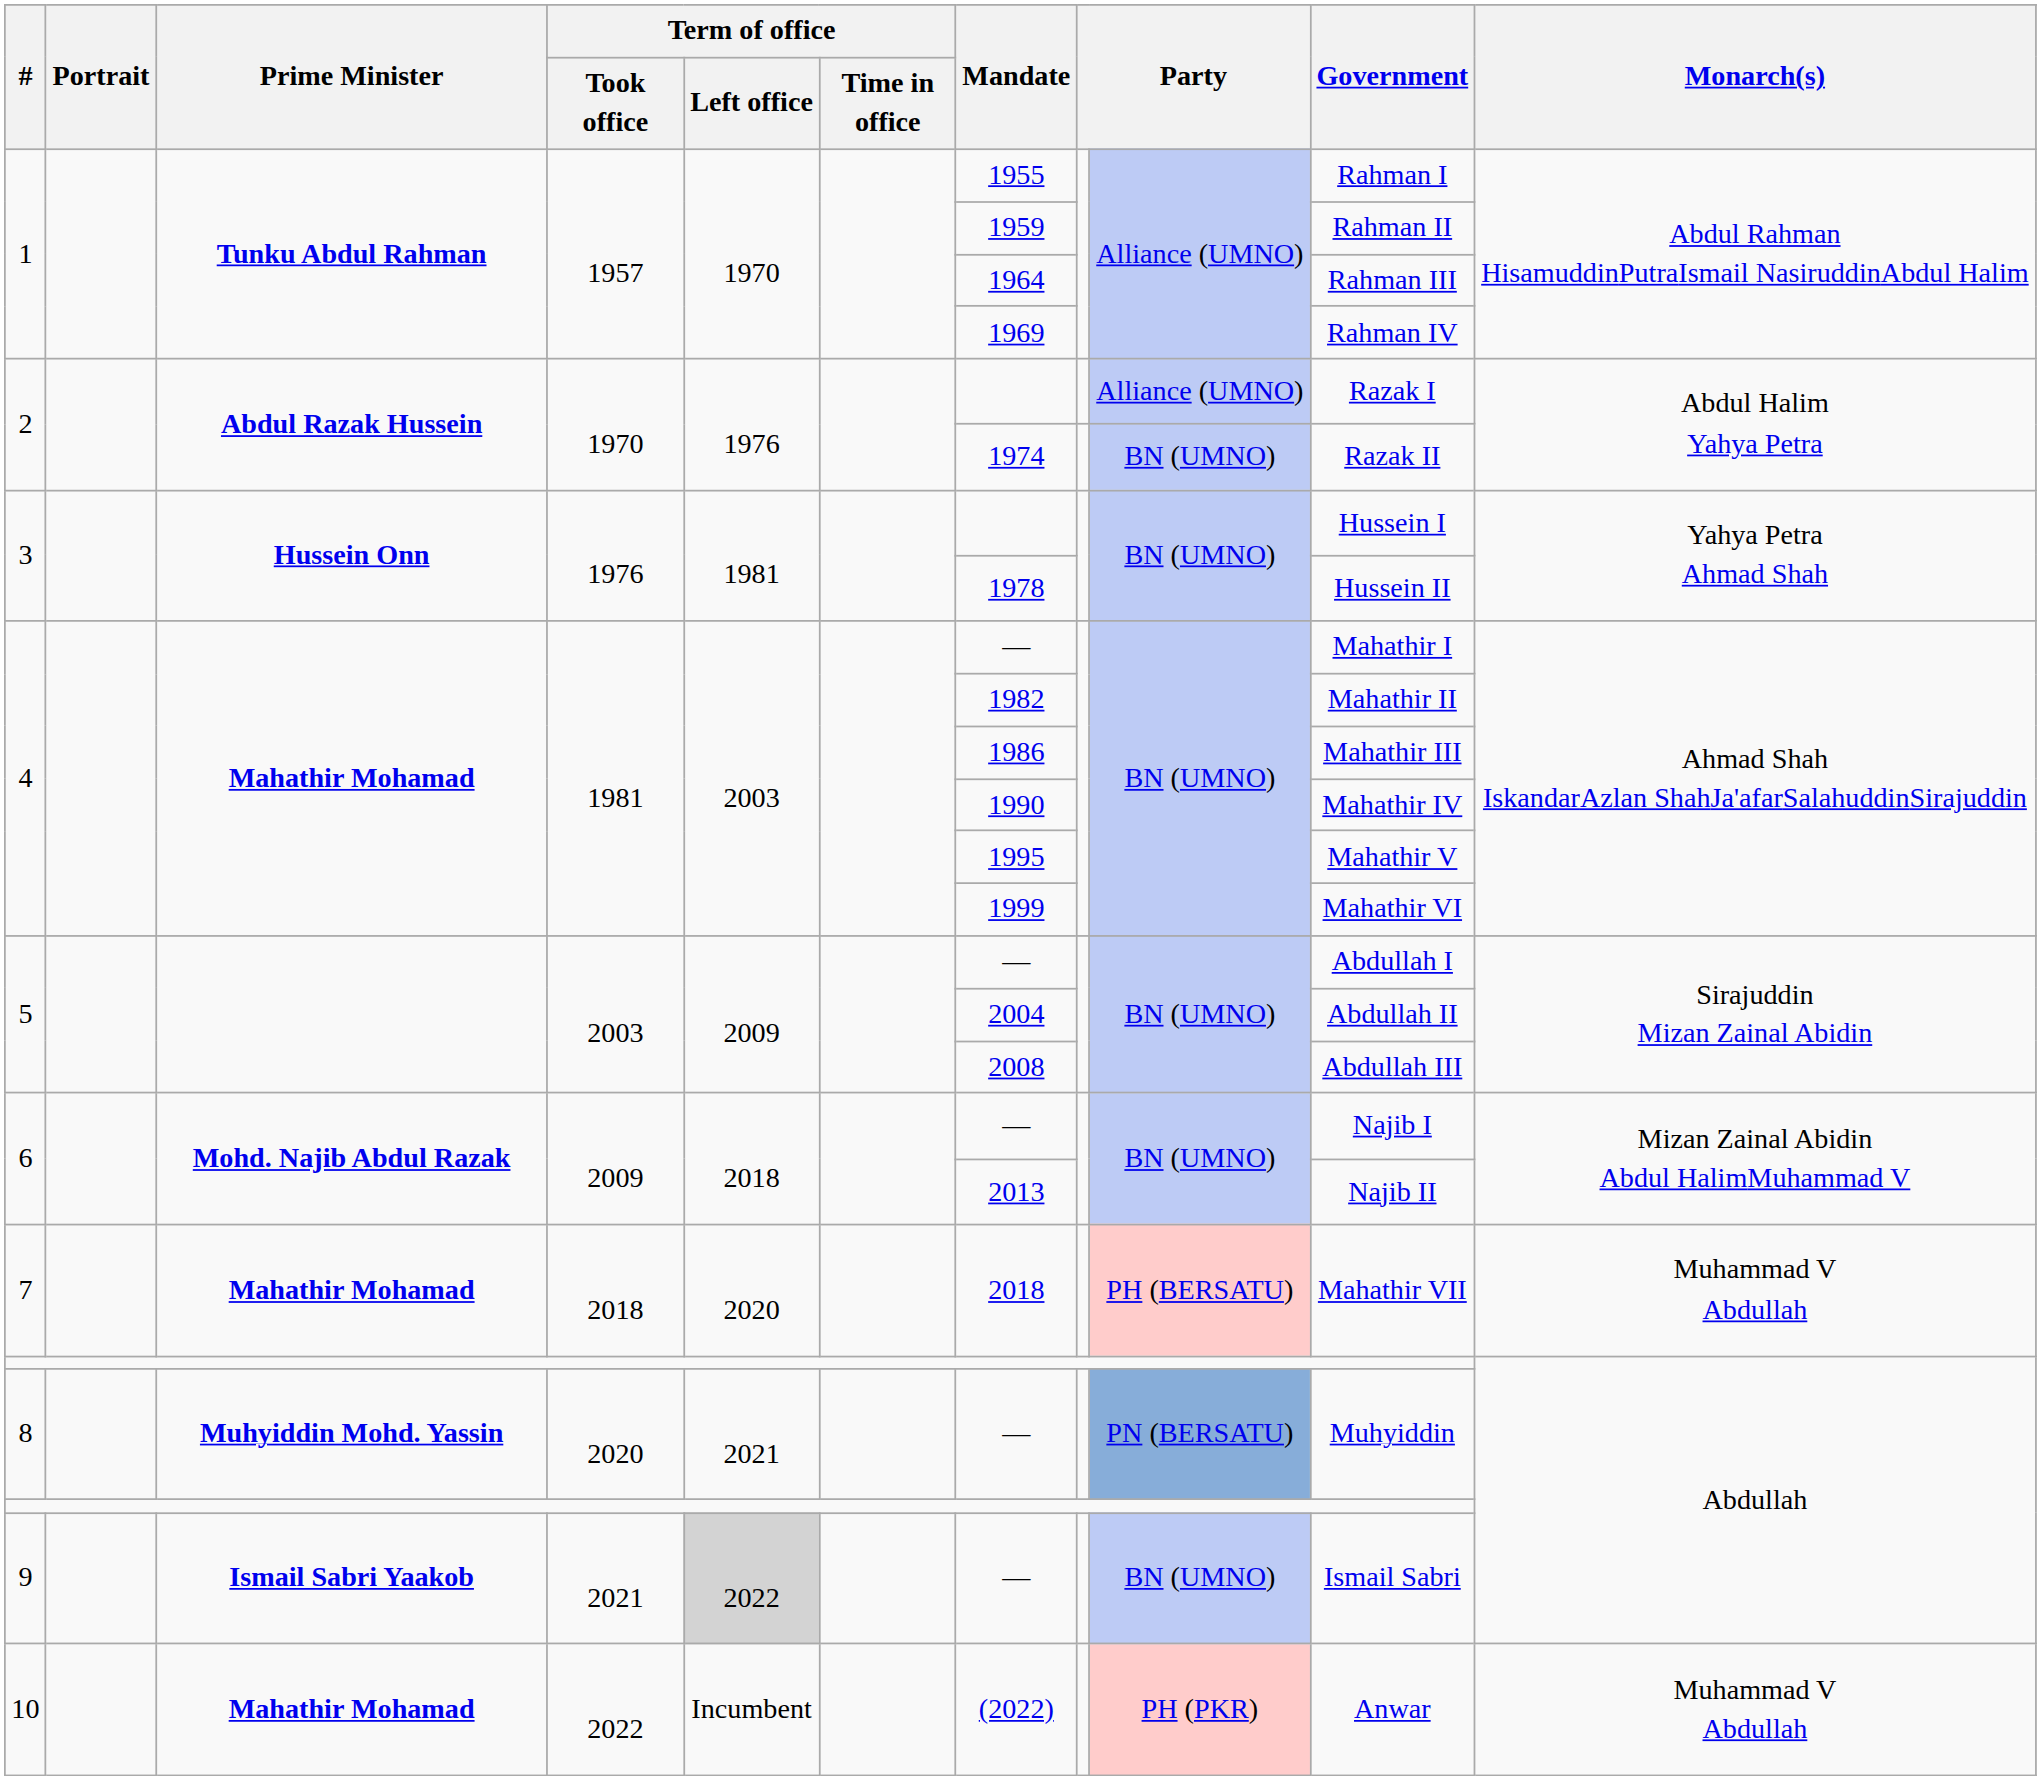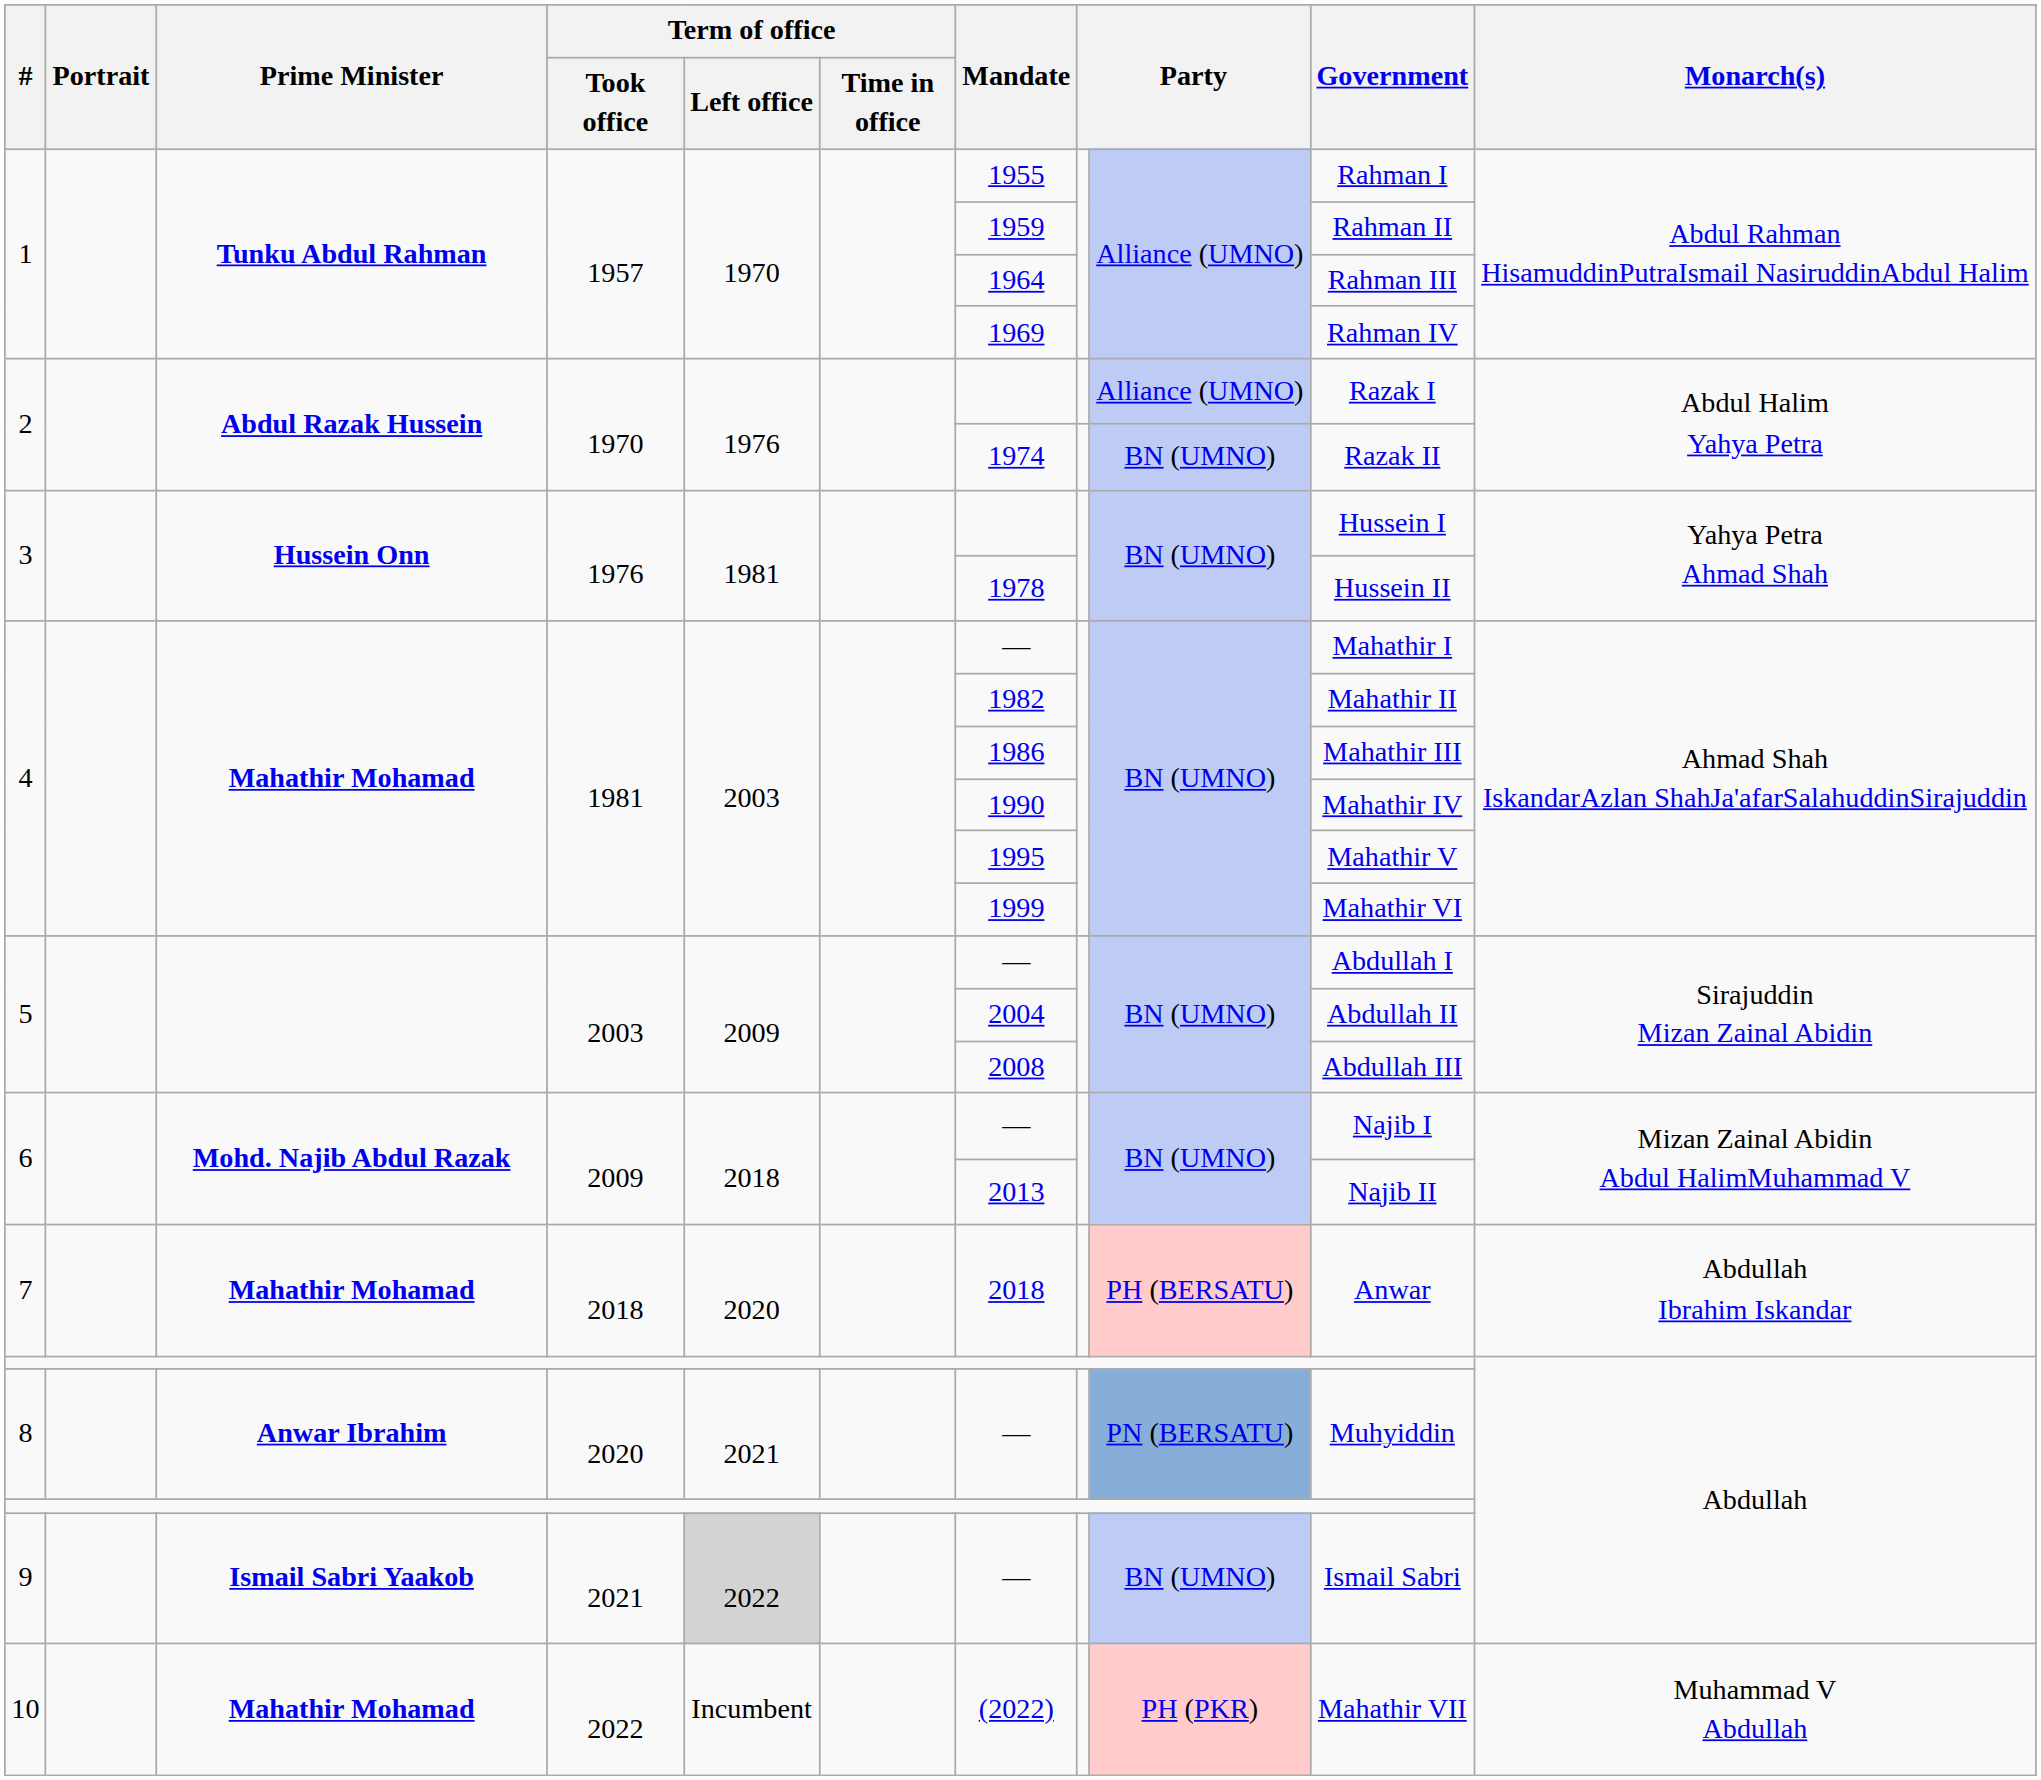 <table class="wikitable" style="line-height:1.4em; text-align:center">
 <tr>
 <th rowspan=2>#</th>
 <th rowspan=2>Portrait</th>
 <th rowspan=2 width="215">Prime Minister<br></th>
 <th colspan=3>Term of office</th>
 <th rowspan=2>Mandate</th>
 <th colspan=2 rowspan=2>Party</th>
 <th rowspan=2><a href='#'>Government</a></th>
 <th rowspan=2><a href='#'>Monarch(s)</a></th>
 </tr>
 <tr>
 <th style="width:70px;">Took office</th>
 <th style="width:70px;">Left office</th>
 <th style="width:70px;">Time in office</th>
 </tr>
 <tr>
 <td rowspan=4>1</td>
 <td rowspan="4"></td>
 <td rowspan="4"><br><strong><a href='#'>Tunku Abdul Rahman</a></strong><br><br></td>
 <td rowspan=4 class="nowrap"><br>1957</td>
 <td rowspan=4 class="nowrap"><br>1970</td>
 <td rowspan=4></td>
 <td><a href='#'>1955</a></td>
 <td rowspan="4"></td>
 <td rowspan="4" bgcolor="#bdcbf5"><a href='#'>Alliance</a> (<a href='#'>UMNO</a>)</td>
 <td><a href='#'>Rahman I</a></td>
 <td rowspan=4><a href='#'>Abdul Rahman</a><br><a href='#'>Hisamuddin</a><a href='#'>Putra</a><a href='#'>Ismail Nasiruddin</a><a href='#'>Abdul Halim</a></td>
 </tr>
 <tr>
 <td><a href='#'>1959</a></td>
 <td><a href='#'>Rahman II</a></td>
 </tr>
 <tr>
 <td><a href='#'>1964</a></td>
 <td><a href='#'>Rahman III</a></td>
 </tr>
 <tr>
 <td><a href='#'>1969</a></td>
 <td><a href='#'>Rahman IV</a></td>
 </tr>
 <tr>
 <td rowspan=2>2</td>
 <td rowspan="2"></td>
 <td rowspan="2"><br><strong><a href='#'>Abdul Razak Hussein</a></strong><br><br></td>
 <td rowspan="2" class="nowrap"><br>1970</td>
 <td rowspan="2" class="nowrap"><br>1976</td>
 <td rowspan=2></td>
 <td></td>
 <td></td>
 <td bgcolor="#bdcbf5"><a href='#'>Alliance</a> (<a href='#'>UMNO</a>)</td>
 <td><a href='#'>Razak I</a></td>
 <td rowspan="2">Abdul Halim<br><a href='#'>Yahya Petra</a></td>
 </tr>
 <tr>
 <td><a href='#'>1974</a></td>
 <td></td>
 <td bgcolor="#bdcbf5"><a href='#'>BN</a> (<a href='#'>UMNO</a>)</td>
 <td><a href='#'>Razak II</a></td>
 </tr>
 <tr>
 <td rowspan=2>3</td>
 <td rowspan="2"></td>
 <td rowspan="2"><br><strong><a href='#'>Hussein Onn</a></strong><br><br></td>
 <td rowspan="2" class="nowrap"><br>1976</td>
 <td rowspan="2" class="nowrap"><br>1981</td>
 <td rowspan=2></td>
 <td></td>
 <td rowspan="2"></td>
 <td rowspan="2" bgcolor="#bdcbf5"><a href='#'>BN</a> (<a href='#'>UMNO</a>)</td>
 <td><a href='#'>Hussein I</a></td>
 <td rowspan="2">Yahya Petra<br><a href='#'>Ahmad Shah</a></td>
 </tr>
 <tr>
 <td><a href='#'>1978</a></td>
 <td><a href='#'>Hussein II</a></td>
 </tr>
 <tr>
 <td rowspan=6>4</td>
 <td rowspan="6"></td>
 <td rowspan="6"><br><strong><a href='#'>Mahathir Mohamad</a></strong><br><br></td>
 <td rowspan="6" class="nowrap"><br>1981</td>
 <td rowspan="6" class="nowrap"><br>2003</td>
 <td rowspan=6></td>
 <td>—</td>
 <td rowspan="6"></td>
 <td rowspan="6" bgcolor="#bdcbf5"><a href='#'>BN</a> (<a href='#'>UMNO</a>)</td>
 <td><a href='#'>Mahathir I</a></td>
 <td rowspan="6">Ahmad Shah<br><a href='#'>Iskandar</a><a href='#'>Azlan Shah</a><a href='#'>Ja'afar</a><a href='#'>Salahuddin</a><a href='#'>Sirajuddin</a></td>
 </tr>
 <tr>
 <td><a href='#'>1982</a></td>
 <td><a href='#'>Mahathir II</a></td>
 </tr>
 <tr>
 <td><a href='#'>1986</a></td>
 <td><a href='#'>Mahathir III</a></td>
 </tr>
 <tr>
 <td><a href='#'>1990</a></td>
 <td><a href='#'>Mahathir IV</a></td>
 </tr>
 <tr>
 <td><a href='#'>1995</a></td>
 <td><a href='#'>Mahathir V</a></td>
 </tr>
 <tr>
 <td><a href='#'>1999</a></td>
 <td><a href='#'>Mahathir VI</a></td>
 </tr>
 <tr>
 <td rowspan=3>5</td>
 <td rowspan="3"></td>
 <td rowspan="3"><br><br><br></td>
 <td rowspan="3" class="nowrap"><br>2003</td>
 <td rowspan="3" class="nowrap"><br>2009</td>
 <td rowspan=3></td>
 <td>—</td>
 <td rowspan="3"></td>
 <td rowspan="3" bgcolor="#bdcbf5"><a href='#'>BN</a> (<a href='#'>UMNO</a>)</td>
 <td><a href='#'>Abdullah I</a></td>
 <td rowspan="3">Sirajuddin<br><a href='#'>Mizan Zainal Abidin</a></td>
 </tr>
 <tr>
 <td><a href='#'>2004</a></td>
 <td><a href='#'>Abdullah II</a></td>
 </tr>
 <tr>
 <td><a href='#'>2008</a></td>
 <td><a href='#'>Abdullah III</a></td>
 </tr>
 <tr>
 <td rowspan=2>6</td>
 <td rowspan="2"></td>
 <td rowspan="2"><br><strong><a href='#'>Mohd. Najib Abdul Razak</a></strong><br><br></td>
 <td rowspan="2" class="nowrap"><br>2009</td>
 <td rowspan="2" class="nowrap"><br>2018</td>
 <td rowspan=2></td>
 <td>—</td>
 <td rowspan="2"></td>
 <td rowspan="2" bgcolor="#bdcbf5"><a href='#'>BN</a> (<a href='#'>UMNO</a>)</td>
 <td><a href='#'>Najib I</a></td>
 <td rowspan="2">Mizan Zainal Abidin<br><a href='#'>Abdul Halim</a><a href='#'>Muhammad V</a></td>
 </tr>
 <tr>
 <td><a href='#'>2013</a></td>
 <td><a href='#'>Najib II</a></td>
 </tr>
 <tr>
 <td>7</td>
 <td></td>
 <td><br><strong><a href='#'>Mahathir Mohamad</a></strong><br><br></td>
 <td class="nowrap"><br>2018</td>
 <td class="nowrap"><br>2020</td>
 <td></td>
 <td><a href='#'>2018</a></td>
 <td></td>
 <td bgcolor="#ffcccb"><a href='#'>PH</a> (<a href='#'>BERSATU</a>)</td>
-<td><a href='#'>Mahathir VII</a></td>
-<td>Muhammad V<br><a href='#'>Abdullah</a></td>
+<td><a href='#'>Anwar</a></td>
+<td>Abdullah<br><a href='#'>Ibrahim Iskandar</a></td>
 </tr>
 <tr>
 <td colspan="10"></td>
 <td rowspan="4">Abdullah</td>
 </tr>
 <tr>
 <td>8</td>
 <td></td>
-<td><br><strong><a href='#'>Muhyiddin Mohd. Yassin</a></strong><br><br></td>
+<td><br><strong><a href='#'>Anwar Ibrahim</a></strong><br><br></td>
 <td class="nowrap"><br>2020</td>
 <td class="nowrap"><br>2021</td>
 <td></td>
 <td>—</td>
 <td></td>
 <td bgcolor="#87add9"><a href='#'>PN</a> (<a href='#'>BERSATU</a>)</td>
 <td><a href='#'>Muhyiddin</a></td>
 </tr>
 <tr>
 <td colspan="10"></td>
 </tr>
 <tr>
 <td>9</td>
 <td></td>
 <td><br><strong><a href='#'>Ismail Sabri Yaakob</a></strong><br><br></td>
 <td class="nowrap"><br>2021</td>
 <td class="nowrap" style="background: lightgrey;"><br>2022</td>
 <td></td>
 <td>—</td>
 <td></td>
 <td bgcolor="#bdcbf5"><a href='#'>BN</a> (<a href='#'>UMNO</a>)</td>
 <td><a href='#'>Ismail Sabri</a></td>
 </tr>
 <tr>
 <td>10</td>
 <td></td>
 <td><br><strong><a href='#'>Mahathir Mohamad</a></strong><br><br></td>
 <td class="nowrap"><br>2022</td>
 <td>Incumbent</td>
 <td></td>
 <td><a href='#'>(2022)</a></td>
 <td></td>
 <td bgcolor="#ffcccb"><a href='#'>PH</a> (<a href='#'>PKR</a>)</td>
-<td><a href='#'>Anwar</a></td>
+<td><a href='#'>Mahathir VII</a></td>
 <td>Muhammad V<br><a href='#'>Abdullah</a></td>
 </tr>
 </table>
